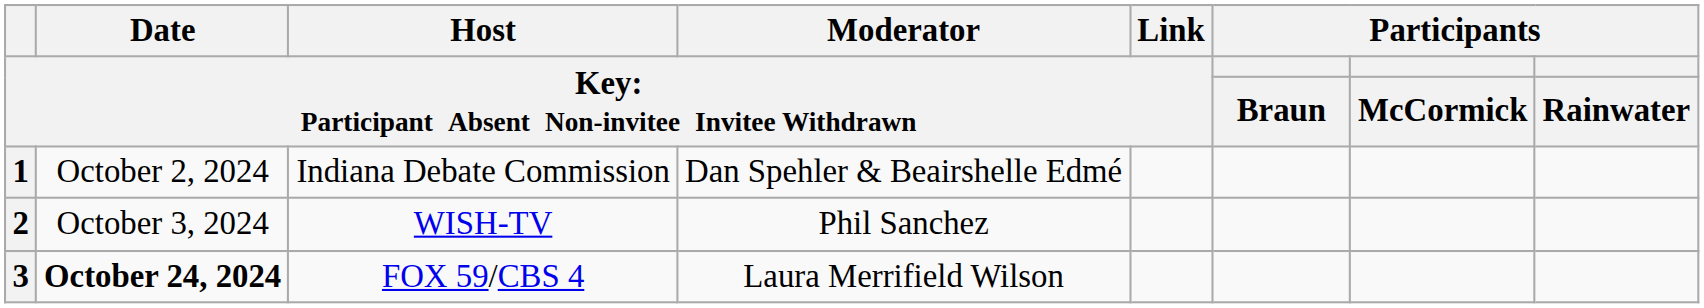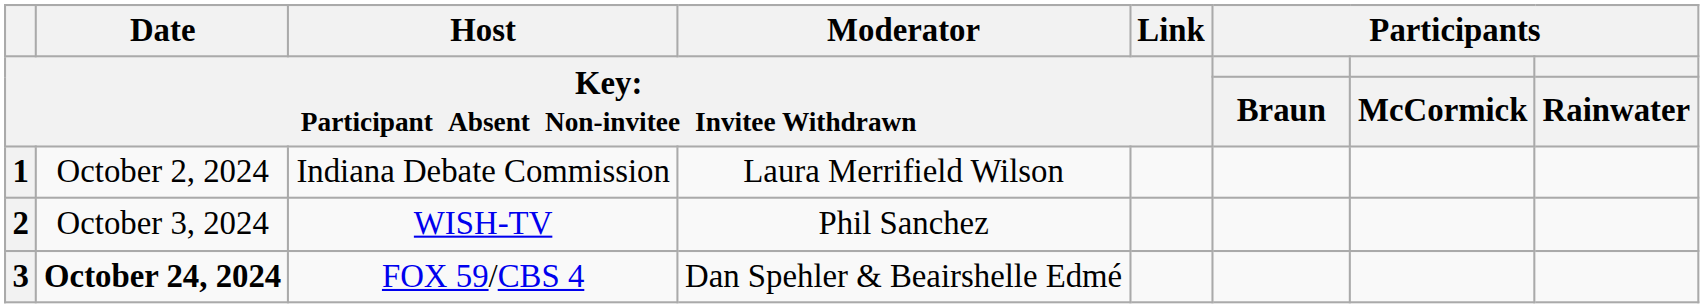 <table class="wikitable" style="text-align:center;">
 <tr>
 <th scope="col"></th>
 <th scope="col">Date</th>
 <th scope="col">Host</th>
 <th scope="col">Moderator</th>
 <th scope="col">Link</th>
 <th colspan="8" scope="col">Participants</th>
 </tr>
 <tr>
 <th colspan="5" rowspan="2">Key:<br> <small>Participant </small>  <small>Absent </small>  <small>Non-invitee </small>  <small>Invitee  Withdrawn</small></th>
 <th scope="col" style="background:"></th>
 <th scope="col" style="background:"></th>
 <th scope="col" style="background:"></th>
 </tr>
 <tr>
 <th scope="col" style="width:60px;">Braun</th>
 <th scope="col" style="width:60px;">McCormick</th>
 <th scope="col" style="width:60px;">Rainwater</th>
 </tr>
 <tr>
 <th scope="row">1</th>
 <td style="white-space:nowrap;">October 2, 2024</td>
 <td style="white-space:nowrap;">Indiana Debate Commission</td>
-<td style="white-space:nowrap;">Dan Spehler & Beairshelle Edmé</td>
+<td style="white-space:nowrap;">Laura Merrifield Wilson</td>
 <td style="white-space:nowrap;"></td>
 <td></td>
 <td></td>
 <td></td>
 </tr>
 <tr>
 <th scope="row">2</th>
 <td style="white-space:nowrap;">October 3, 2024</td>
 <td style="white-space:nowrap;"><a href='#'>WISH-TV</a></td>
 <td style="white-space:nowrap;">Phil Sanchez</td>
 <td style="white-space:nowrap;"></td>
 <td></td>
 <td></td>
 <td></td>
 </tr>
 <tr>
 <th scope="row">3</th>
 <td style="white-space:nowrap;"><strong>October 24, 2024</strong></td>
 <td style="white-space:nowrap;"><a href='#'>FOX 59</a>/<a href='#'>CBS 4</a></td>
-<td style="white-space:nowrap;">Laura Merrifield Wilson</td>
+<td style="white-space:nowrap;">Dan Spehler & Beairshelle Edmé</td>
 <td style="white-space:nowrap;"></td>
 <td></td>
 <td></td>
 <td></td>
 </tr>
 </table>
